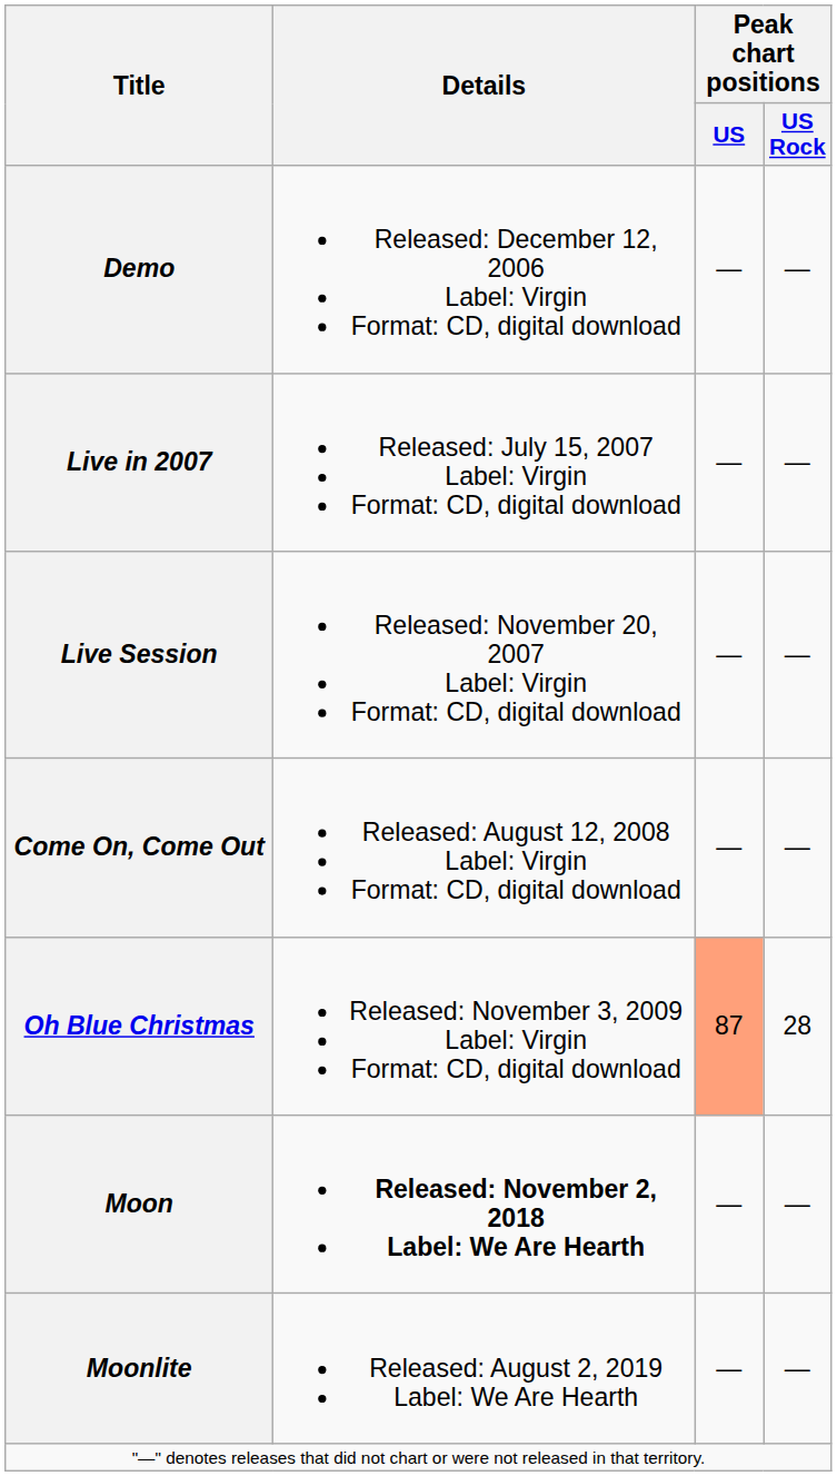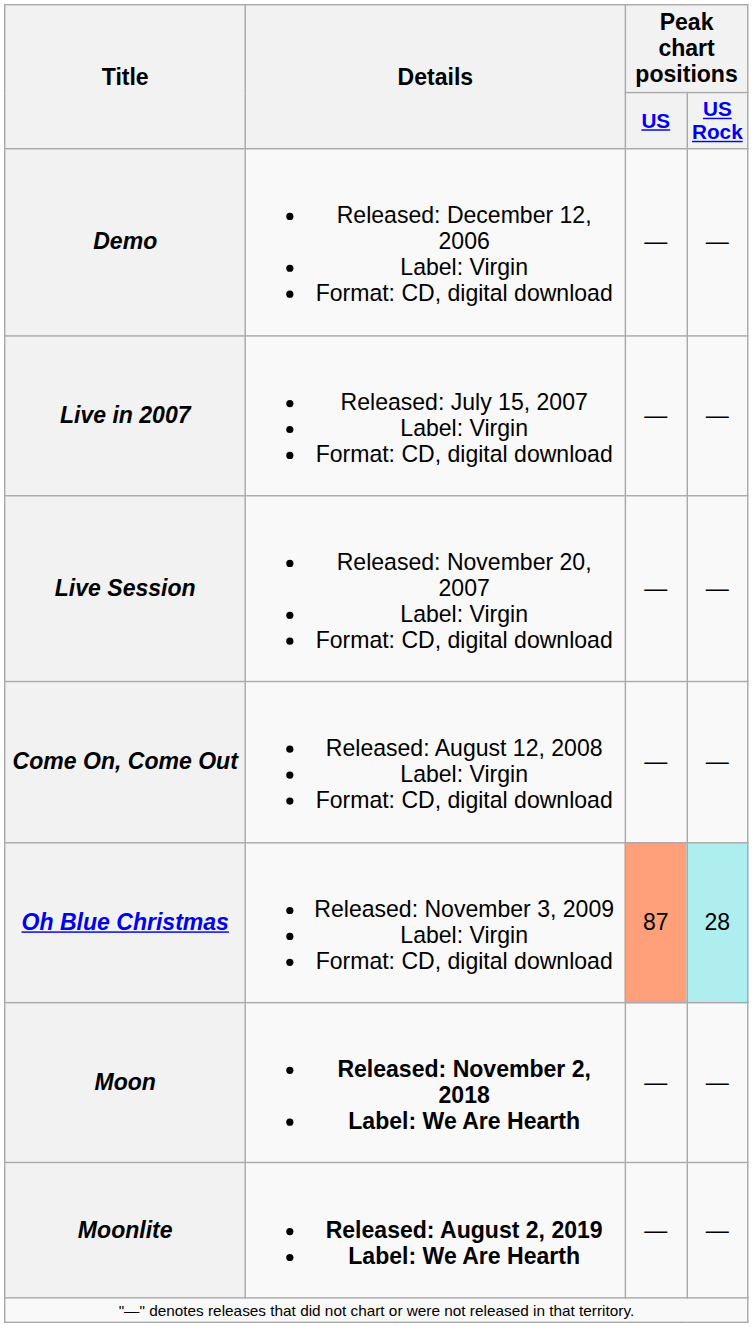 <table class="wikitable plainrowheaders" style="text-align:center;">
 <tr>
 <th scope="col" rowspan="2" style="width:10em;">Title</th>
 <th scope="col" rowspan="2" style="width:16em;">Details</th>
 <th scope="col" colspan="2">Peak chart<br>positions</th>
 </tr>
 <tr>
 <th scope="col" style="width:2.5em;font-size:90%;"><a href='#'>US</a><br></th>
 <th scope="col" style="width:2.5em;font-size:90%;"><a href='#'>US<br>Rock</a><br></th>
 </tr>
 <tr>
 <th scope="row"><em>Demo</em></th>
 <td><br><ul><li>Released: December 12, 2006</li><li>Label: Virgin</li><li>Format: CD, digital download</li></ul></td>
 <td>—</td>
 <td>—</td>
 </tr>
 <tr>
 <th scope="row"><em>Live in 2007</em></th>
 <td><br><ul><li>Released: July 15, 2007</li><li>Label: Virgin</li><li>Format: CD, digital download</li></ul></td>
 <td>—</td>
 <td>—</td>
 </tr>
 <tr>
 <th scope="row"><em>Live Session</em></th>
 <td><br><ul><li>Released: November 20, 2007</li><li>Label: Virgin</li><li>Format: CD, digital download</li></ul></td>
 <td>—</td>
 <td>—</td>
 </tr>
 <tr>
 <th scope="row"><em>Come On, Come Out</em></th>
 <td><br><ul><li>Released: August 12, 2008</li><li>Label: Virgin</li><li>Format: CD, digital download</li></ul></td>
 <td>—</td>
 <td>—</td>
 </tr>
 <tr>
 <th scope="row"><em><a href='#'>Oh Blue Christmas</a></em></th>
 <td><br><ul><li>Released: November 3, 2009</li><li>Label: Virgin</li><li>Format: CD, digital download</li></ul></td>
 <td style="background: lightsalmon;">87</td>
-<td>28</td>
+<td style="background: paleturquoise;">28</td>
 </tr>
 <tr>
 <th scope="row"><em>Moon</em></th>
 <td><strong><br><ul><li>Released: November 2, 2018</li><li>Label: We Are Hearth</li></ul></strong></td>
 <td>—</td>
 <td>—</td>
 </tr>
 <tr>
 <th scope="row"><em>Moonlite</em></th>
-<td><br><ul><li>Released: August 2, 2019</li><li>Label: We Are Hearth</li></ul></td>
+<td><strong><br><ul><li>Released: August 2, 2019</li><li>Label: We Are Hearth</li></ul></strong></td>
 <td>—</td>
 <td>—</td>
 </tr>
 <tr>
 <td colspan="14" style="text-align:center; font-size:8pt;">"—" denotes releases that did not chart or were not released in that territory.</td>
 </tr>
 </table>
